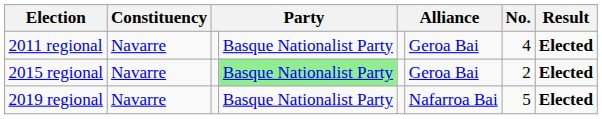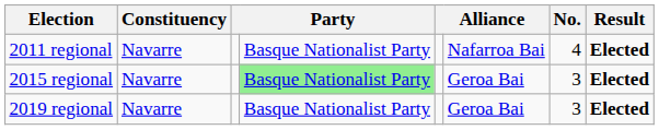 <table class="wikitable" style="text-align:left;">
 <tr>
 <th scope=col>Election</th>
 <th scope=col>Constituency</th>
 <th scope=col colspan="2">Party</th>
 <th scope=col colspan="2">Alliance</th>
 <th scope=col>No.</th>
 <th scope=col>Result</th>
 </tr>
 <tr>
 <td><a href='#'>2011 regional</a></td>
 <td><a href='#'>Navarre</a></td>
 <td style="background:"></td>
 <td><a href='#'>Basque Nationalist Party</a></td>
 <td style="background:"></td>
-<td><a href='#'>Geroa Bai</a></td>
+<td><a href='#'>Nafarroa Bai</a></td>
 <td align=right>4</td>
 <td><strong>Elected</strong></td>
 </tr>
 <tr>
 <td><a href='#'>2015 regional</a></td>
 <td><a href='#'>Navarre</a></td>
 <td style="background:"></td>
 <td style="background: lightgreen;"><a href='#'>Basque Nationalist Party</a></td>
 <td style="background:"></td>
 <td><a href='#'>Geroa Bai</a></td>
-<td align=right>2</td>
+<td align=right>3</td>
 <td><strong>Elected</strong></td>
 </tr>
 <tr>
 <td><a href='#'>2019 regional</a></td>
 <td><a href='#'>Navarre</a></td>
 <td style="background:"></td>
 <td><a href='#'>Basque Nationalist Party</a></td>
 <td style="background:"></td>
-<td><a href='#'>Nafarroa Bai</a></td>
-<td align=right>5</td>
+<td><a href='#'>Geroa Bai</a></td>
+<td align=right>3</td>
 <td><strong>Elected</strong></td>
 </tr>
 </table>
